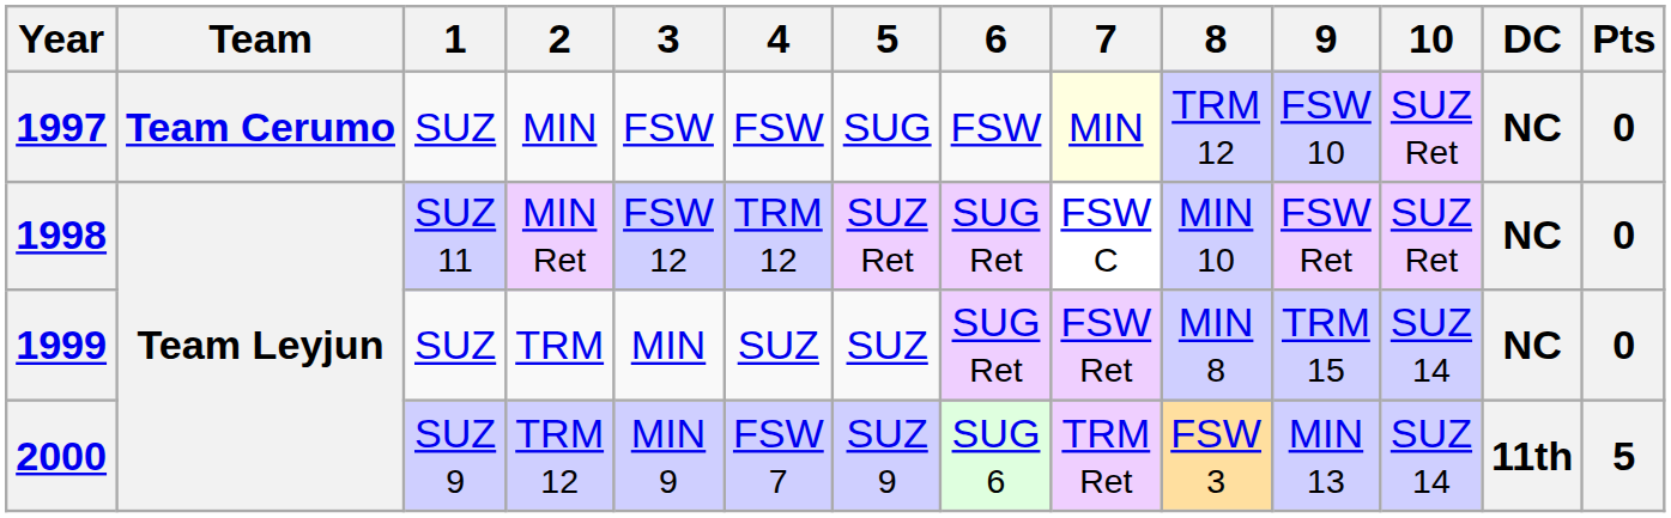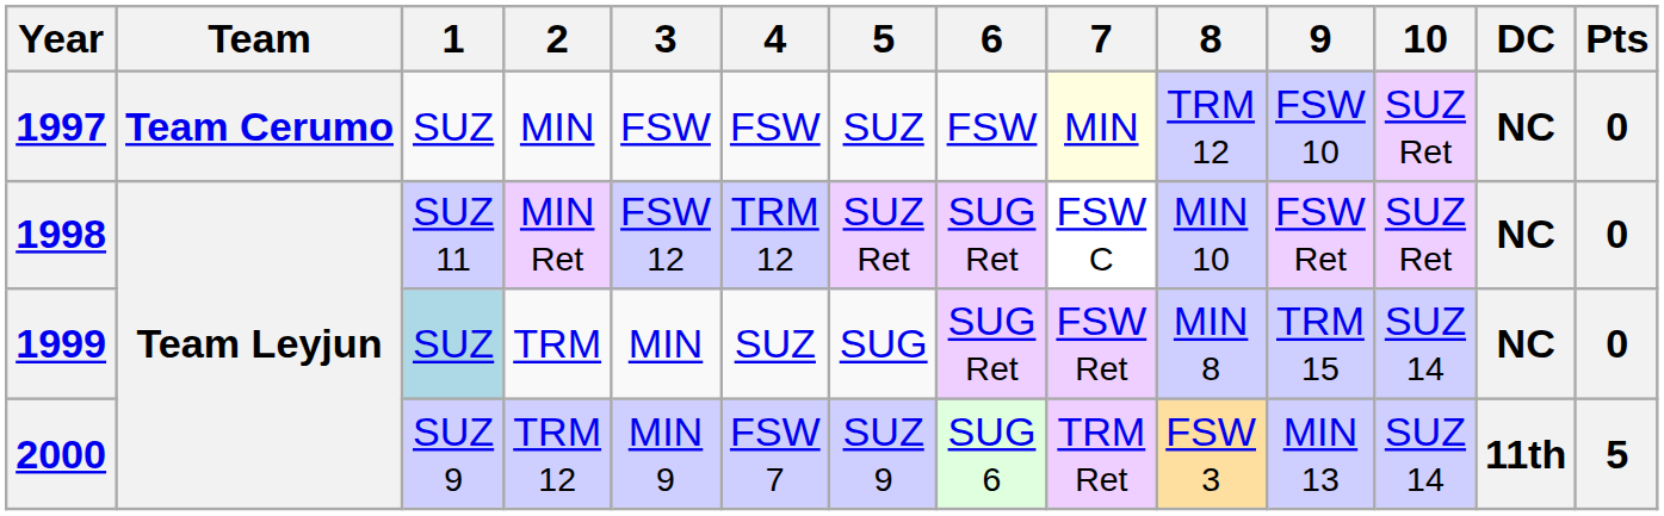 <table class="wikitable" style="text-align:center; font-size:90%">
 <tr>
 <th>Year</th>
 <th>Team</th>
 <th>1</th>
 <th>2</th>
 <th>3</th>
 <th>4</th>
 <th>5</th>
 <th>6</th>
 <th>7</th>
 <th>8</th>
 <th>9</th>
 <th>10</th>
 <th>DC</th>
 <th>Pts</th>
 </tr>
 <tr>
 <th><a href='#'>1997</a></th>
 <th><a href='#'>Team Cerumo</a></th>
 <td><a href='#'>SUZ</a></td>
 <td><a href='#'>MIN</a></td>
 <td><a href='#'>FSW</a></td>
 <td><a href='#'>FSW</a></td>
-<td><a href='#'>SUG</a></td>
+<td><a href='#'>SUZ</a></td>
 <td><a href='#'>FSW</a></td>
 <td style="background: lightyellow;"><a href='#'>MIN</a></td>
 <td bgcolor="#CFCFFF"><a href='#'>TRM</a><br><small>12</small></td>
 <td bgcolor="#CFCFFF"><a href='#'>FSW</a><br><small>10</small></td>
 <td bgcolor="#EFCFFF"><a href='#'>SUZ</a><br><small>Ret</small></td>
 <th>NC</th>
 <th>0</th>
 </tr>
 <tr>
 <th><a href='#'>1998</a></th>
 <th rowspan="3">Team Leyjun</th>
 <td bgcolor="#CFCFFF"><a href='#'>SUZ</a><br><small>11</small></td>
 <td bgcolor="#EFCFFF"><a href='#'>MIN</a><br><small>Ret</small></td>
 <td bgcolor="#CFCFFF"><a href='#'>FSW</a><br><small>12</small></td>
 <td bgcolor="#CFCFFF"><a href='#'>TRM</a><br><small>12</small></td>
 <td bgcolor="#EFCFFF"><a href='#'>SUZ</a><br><small>Ret</small></td>
 <td bgcolor="#EFCFFF"><a href='#'>SUG</a><br><small>Ret</small></td>
 <td bgcolor="#FFFFFF"><a href='#'>FSW</a><br><small>C</small></td>
 <td bgcolor="#CFCFFF"><a href='#'>MIN</a><br><small>10</small></td>
 <td bgcolor="#EFCFFF"><a href='#'>FSW</a><br><small>Ret</small></td>
 <td bgcolor="#EFCFFF"><a href='#'>SUZ</a><br><small>Ret</small></td>
 <th>NC</th>
 <th>0</th>
 </tr>
 <tr>
 <th><a href='#'>1999</a></th>
-<td><a href='#'>SUZ</a></td>
+<td style="background: lightblue;"><a href='#'>SUZ</a></td>
 <td><a href='#'>TRM</a></td>
 <td><a href='#'>MIN</a></td>
 <td><a href='#'>SUZ</a></td>
-<td><a href='#'>SUZ</a></td>
+<td><a href='#'>SUG</a></td>
 <td bgcolor="#EFCFFF"><a href='#'>SUG</a><br><small>Ret</small></td>
 <td bgcolor="#EFCFFF"><a href='#'>FSW</a><br><small>Ret</small></td>
 <td bgcolor="#CFCFFF"><a href='#'>MIN</a><br><small>8</small></td>
 <td bgcolor="#CFCFFF"><a href='#'>TRM</a><br><small>15</small></td>
 <td bgcolor="#CFCFFF"><a href='#'>SUZ</a><br><small>14</small></td>
 <th>NC</th>
 <th>0</th>
 </tr>
 <tr>
 <th><a href='#'>2000</a></th>
 <td bgcolor="#CFCFFF"><a href='#'>SUZ</a><br><small>9</small></td>
 <td bgcolor="#CFCFFF"><a href='#'>TRM</a><br><small>12</small></td>
 <td bgcolor="#CFCFFF"><a href='#'>MIN</a><br><small>9</small></td>
 <td bgcolor="#CFCFFF"><a href='#'>FSW</a><br><small>7</small></td>
 <td bgcolor="#CFCFFF"><a href='#'>SUZ</a><br><small>9</small></td>
 <td bgcolor="#DFFFDF"><a href='#'>SUG</a><br><small>6</small></td>
 <td bgcolor="#EFCFFF"><a href='#'>TRM</a><br><small>Ret</small></td>
 <td bgcolor="#FFDF9F"><a href='#'>FSW</a><br><small>3</small></td>
 <td bgcolor="#CFCFFF"><a href='#'>MIN</a><br><small>13</small></td>
 <td bgcolor="#CFCFFF"><a href='#'>SUZ</a><br><small>14</small></td>
 <th>11th</th>
 <th>5</th>
 </tr>
 </table>
